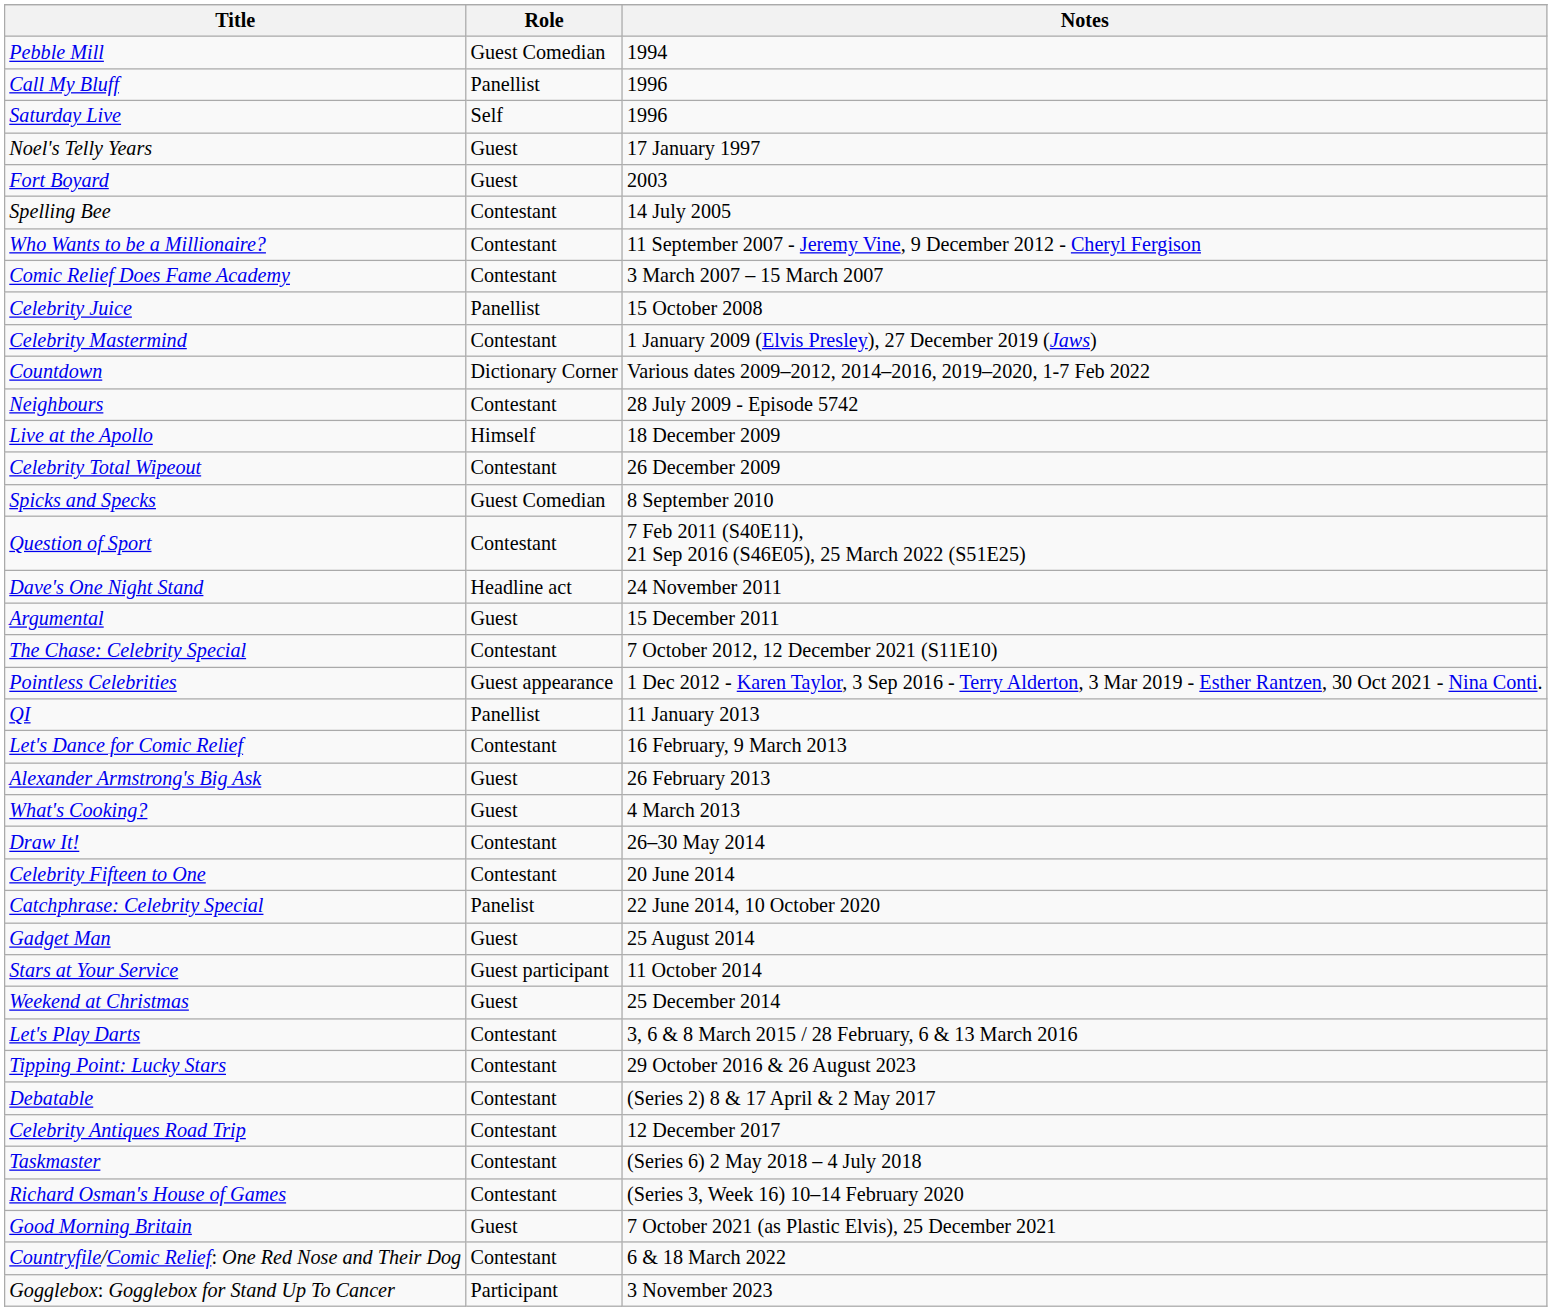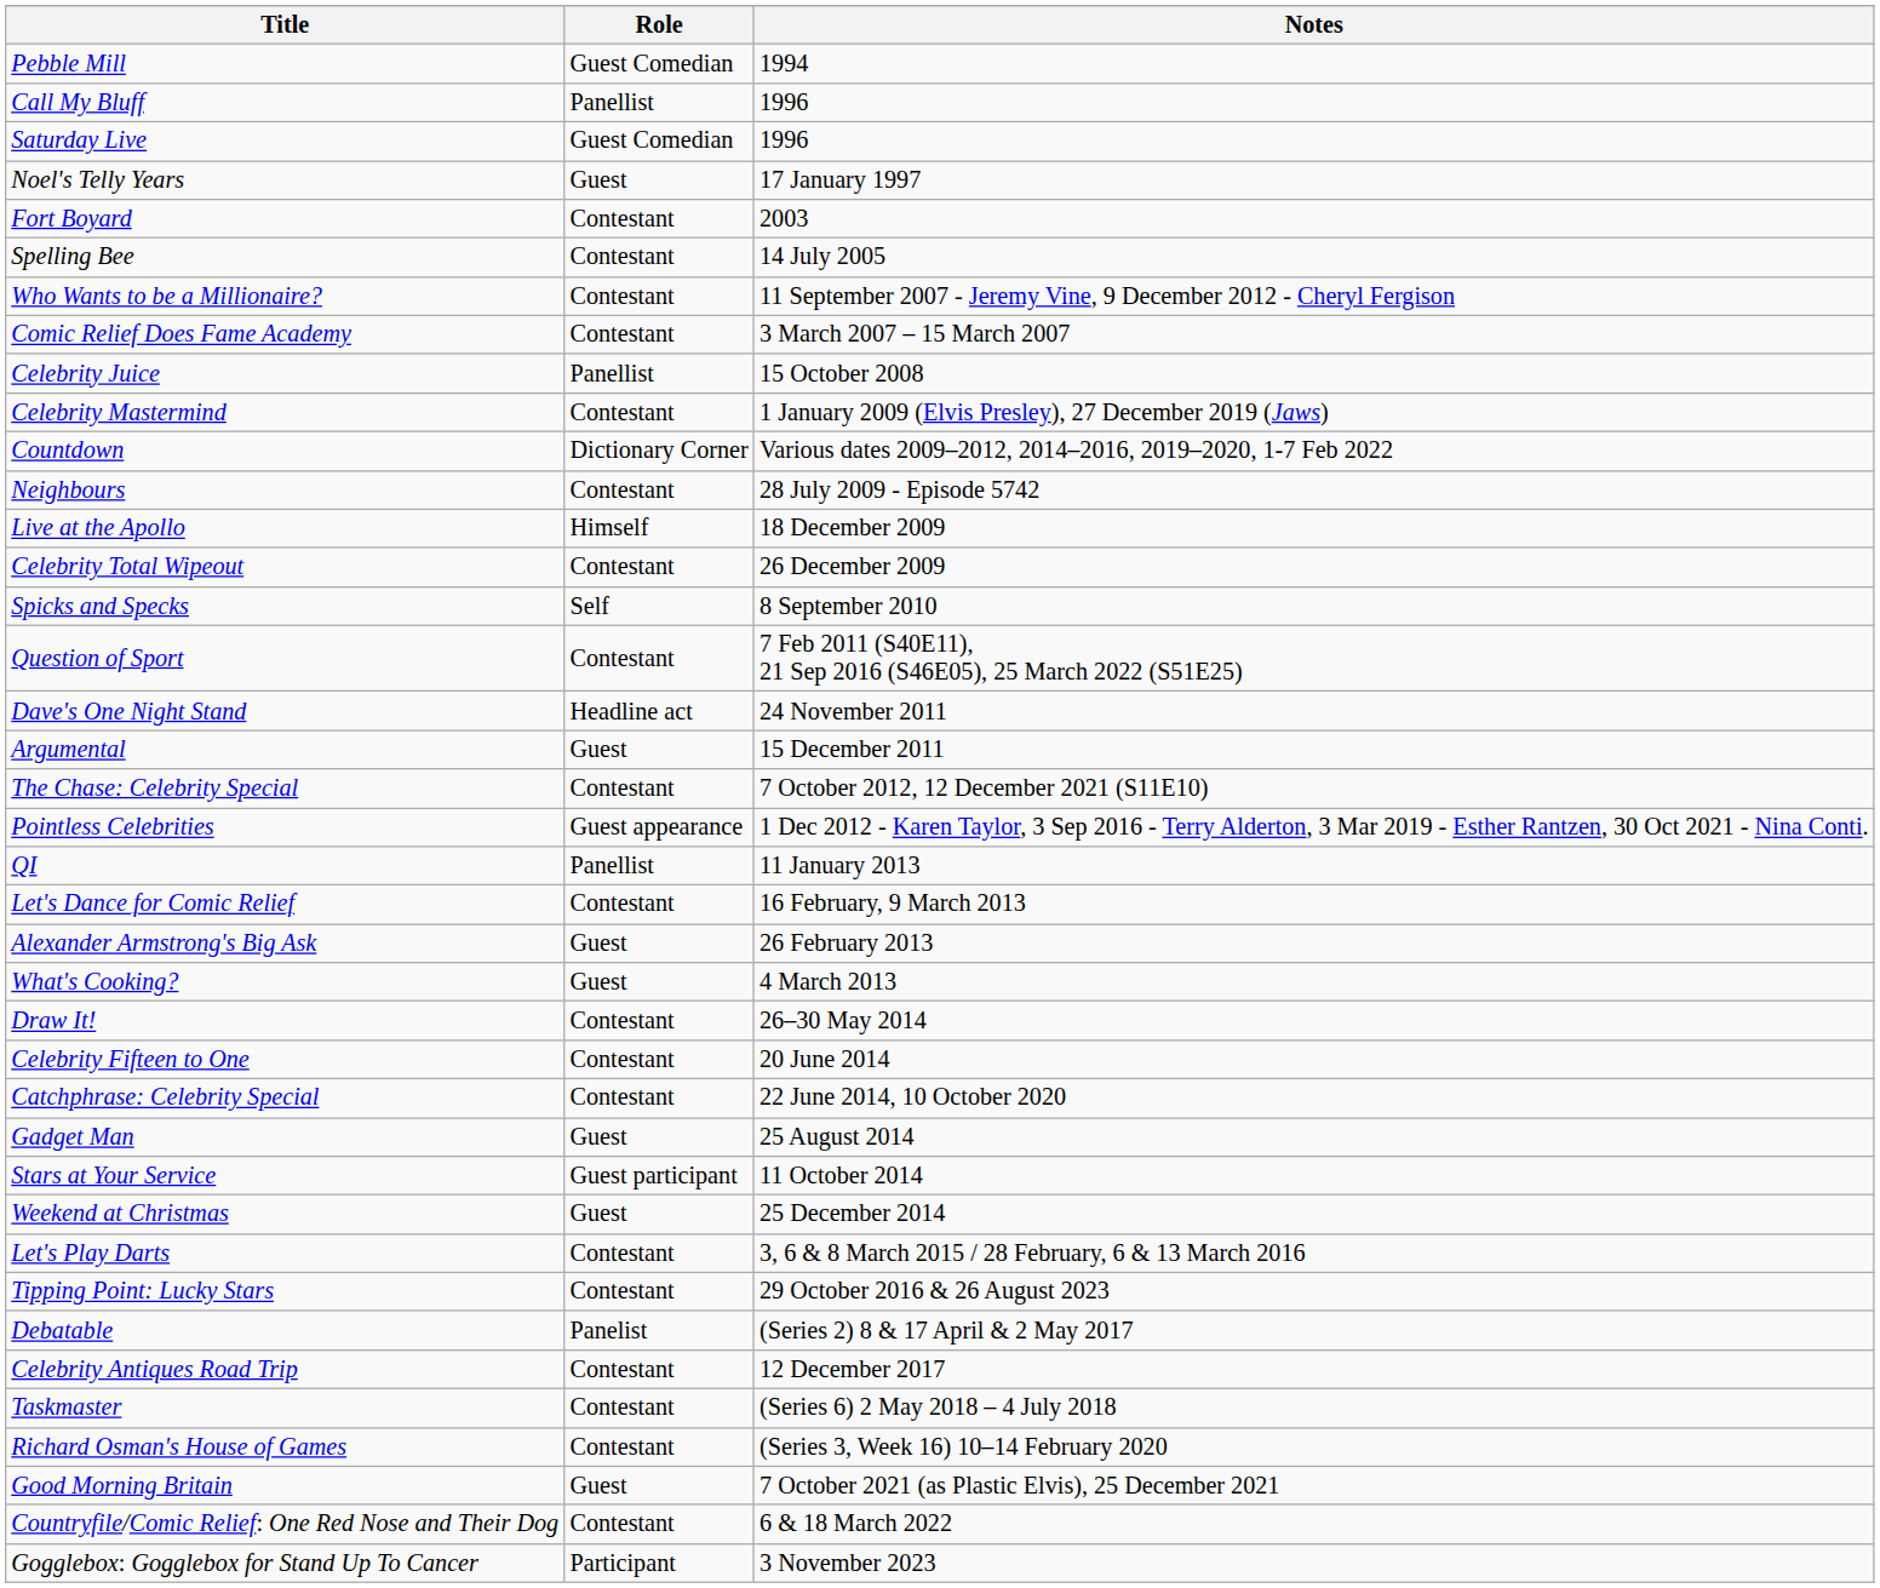 <table class="wikitable">
 <tr style="background:#b0c4de; text-align:center;">
 </tr>
 <tr>
 <th>Title</th>
 <th>Role</th>
 <th>Notes</th>
 </tr>
 <tr>
 <td><em><a href='#'>Pebble Mill</a></em></td>
 <td>Guest Comedian</td>
 <td>1994</td>
 </tr>
 <tr>
 <td><em><a href='#'>Call My Bluff</a></em></td>
 <td>Panellist</td>
 <td>1996</td>
 </tr>
 <tr>
 <td><em><a href='#'>Saturday Live</a></em></td>
-<td>Self</td>
+<td>Guest Comedian</td>
 <td>1996</td>
 </tr>
 <tr>
 <td><em>Noel's Telly Years</em></td>
 <td>Guest</td>
 <td>17 January 1997</td>
 </tr>
 <tr>
 <td><em><a href='#'>Fort Boyard</a></em></td>
-<td>Guest</td>
+<td>Contestant</td>
 <td>2003</td>
 </tr>
 <tr>
 <td><em>Spelling Bee</em></td>
 <td>Contestant</td>
 <td>14 July 2005</td>
 </tr>
 <tr>
 <td><em><a href='#'>Who Wants to be a Millionaire?</a></em></td>
 <td>Contestant</td>
 <td>11 September 2007 - <a href='#'>Jeremy Vine</a>, 9 December 2012 - <a href='#'>Cheryl Fergison</a></td>
 </tr>
 <tr>
 <td><em><a href='#'>Comic Relief Does Fame Academy</a></em></td>
 <td>Contestant</td>
 <td>3 March 2007 – 15 March 2007</td>
 </tr>
 <tr>
 <td><em><a href='#'>Celebrity Juice</a></em></td>
 <td>Panellist</td>
 <td>15 October 2008</td>
 </tr>
 <tr>
 <td><em><a href='#'>Celebrity Mastermind</a></em></td>
 <td>Contestant</td>
 <td>1 January 2009 (<a href='#'>Elvis Presley</a>), 27 December 2019 (<em><a href='#'>Jaws</a></em>)</td>
 </tr>
 <tr>
 <td><em><a href='#'>Countdown</a></em></td>
 <td>Dictionary Corner</td>
 <td>Various dates 2009–2012, 2014–2016, 2019–2020, 1-7 Feb 2022 </td>
 </tr>
 <tr>
 <td><em><a href='#'>Neighbours</a></em></td>
 <td>Contestant</td>
 <td>28 July 2009 - Episode 5742</td>
 </tr>
 <tr>
 <td><em><a href='#'>Live at the Apollo</a></em></td>
 <td>Himself</td>
 <td>18 December 2009</td>
 </tr>
 <tr>
 <td><em><a href='#'>Celebrity Total Wipeout</a></em></td>
 <td>Contestant</td>
 <td>26 December 2009</td>
 </tr>
 <tr>
 <td><em><a href='#'>Spicks and Specks</a></em></td>
-<td>Guest Comedian</td>
+<td>Self</td>
 <td>8 September 2010</td>
 </tr>
 <tr>
 <td><em><a href='#'>Question of Sport</a></em></td>
 <td>Contestant</td>
 <td>7 Feb 2011 (S40E11),<br>21 Sep 2016 (S46E05), 25 March 2022 (S51E25)</td>
 </tr>
 <tr>
 <td><em><a href='#'>Dave's One Night Stand</a></em></td>
 <td>Headline act </td>
 <td>24 November 2011</td>
 </tr>
 <tr>
 <td><em><a href='#'>Argumental</a></em></td>
 <td>Guest</td>
 <td>15 December 2011</td>
 </tr>
 <tr>
 <td><em><a href='#'>The Chase: Celebrity Special</a></em></td>
 <td>Contestant</td>
 <td>7 October 2012, 12 December 2021 (S11E10)</td>
 </tr>
 <tr>
 <td><em><a href='#'>Pointless Celebrities</a></em></td>
 <td>Guest appearance</td>
 <td>1 Dec 2012 - <a href='#'>Karen Taylor</a>, 3 Sep 2016 - <a href='#'>Terry Alderton</a>, 3 Mar 2019 - <a href='#'>Esther Rantzen</a>, 30 Oct 2021 - <a href='#'>Nina Conti</a>.</td>
 </tr>
 <tr>
 <td><em><a href='#'>QI</a></em></td>
 <td>Panellist</td>
 <td>11 January 2013</td>
 </tr>
 <tr>
 <td><em><a href='#'>Let's Dance for Comic Relief</a></em></td>
 <td>Contestant</td>
 <td>16 February, 9 March 2013</td>
 </tr>
 <tr>
 <td><em><a href='#'>Alexander Armstrong's Big Ask</a></em></td>
 <td>Guest</td>
 <td>26 February 2013</td>
 </tr>
 <tr>
 <td><em><a href='#'>What's Cooking?</a></em></td>
 <td>Guest</td>
 <td>4 March 2013</td>
 </tr>
 <tr>
 <td><em><a href='#'>Draw It!</a></em></td>
 <td>Contestant</td>
 <td>26–30 May 2014</td>
 </tr>
 <tr>
 <td><em><a href='#'>Celebrity Fifteen to One</a></em></td>
 <td>Contestant</td>
 <td>20 June 2014</td>
 </tr>
 <tr>
 <td><em><a href='#'>Catchphrase: Celebrity Special</a></em></td>
-<td>Panelist</td>
+<td>Contestant</td>
 <td>22 June 2014, 10 October 2020</td>
 </tr>
 <tr>
 <td><em><a href='#'>Gadget Man</a></em></td>
 <td>Guest</td>
 <td>25 August 2014</td>
 </tr>
 <tr>
 <td><em><a href='#'>Stars at Your Service</a></em></td>
 <td>Guest participant</td>
 <td>11 October 2014</td>
 </tr>
 <tr>
 <td><em><a href='#'>Weekend at Christmas</a></em></td>
 <td>Guest</td>
 <td>25 December 2014</td>
 </tr>
 <tr>
 <td><em><a href='#'>Let's Play Darts</a></em></td>
 <td>Contestant</td>
 <td>3, 6 & 8 March 2015 / 28 February, 6 & 13 March 2016</td>
 </tr>
 <tr>
 <td><em><a href='#'>Tipping Point: Lucky Stars</a></em></td>
 <td>Contestant</td>
 <td>29 October 2016 & 26 August 2023</td>
 </tr>
 <tr>
 <td><em><a href='#'>Debatable</a></em></td>
-<td>Contestant</td>
+<td>Panelist</td>
 <td>(Series 2) 8 & 17 April & 2 May 2017</td>
 </tr>
 <tr>
 <td><em><a href='#'>Celebrity Antiques Road Trip</a></em></td>
 <td>Contestant</td>
 <td>12 December 2017</td>
 </tr>
 <tr>
 <td><em><a href='#'>Taskmaster</a></em></td>
 <td>Contestant</td>
 <td>(Series 6) 2 May 2018 – 4 July 2018</td>
 </tr>
 <tr>
 <td><em><a href='#'>Richard Osman's House of Games</a></em></td>
 <td>Contestant</td>
 <td>(Series 3, Week 16) 10–14 February 2020</td>
 </tr>
 <tr>
 <td><em><a href='#'>Good Morning Britain</a></em></td>
 <td>Guest</td>
 <td>7 October 2021 (as Plastic Elvis), 25 December 2021</td>
 </tr>
 <tr>
 <td><em><a href='#'>Countryfile</a>/<a href='#'>Comic Relief</a></em>: <em>One Red Nose and Their Dog</em></td>
 <td>Contestant</td>
 <td>6 & 18 March 2022</td>
 </tr>
 <tr>
 <td><em>Gogglebox</em>: <em>Gogglebox for Stand Up To Cancer</em></td>
 <td>Participant</td>
 <td>3 November 2023</td>
 </tr>
 </table>
